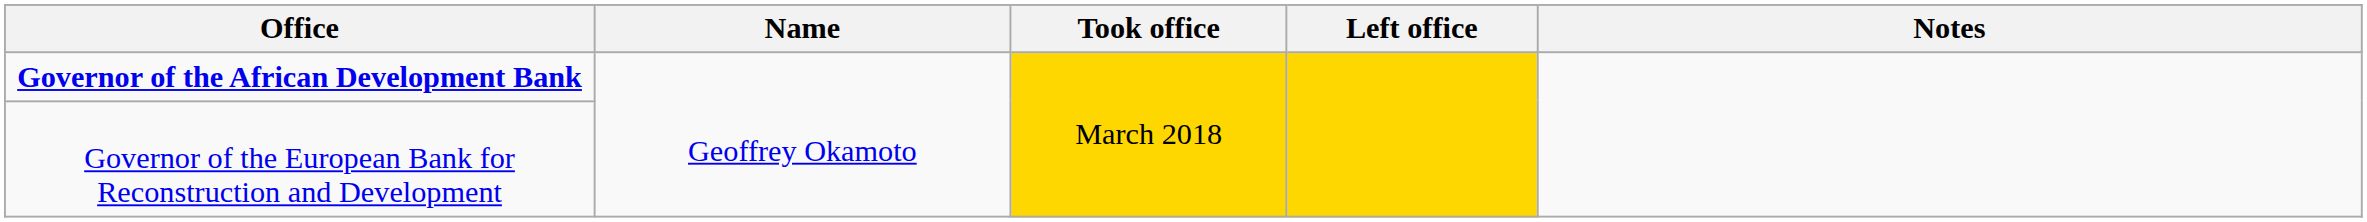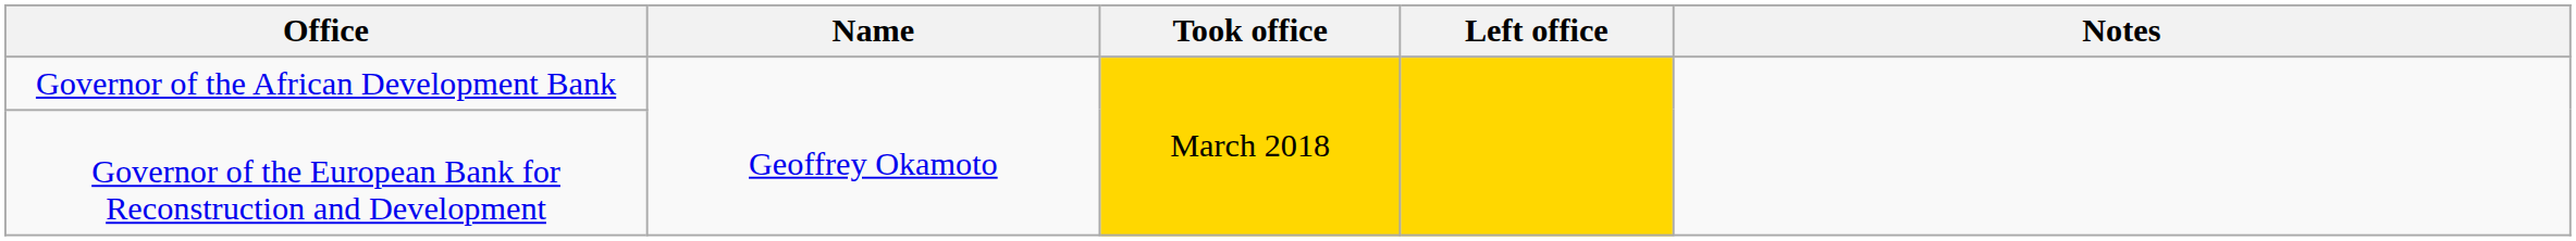 <table class="wikitable sortable" style="text-align:center">
 <tr>
 <th width="25%" data-sort-type="text">Office</th>
 <th data-sort-type="text">Name</th>
 <th data-sort-type="date">Took office</th>
 <th data-sort-type="date">Left office</th>
 <th width="35%">Notes</th>
 </tr>
 <tr>
-<td><strong><a href='#'>Governor of the African Development Bank</a></strong></td>
+<td><a href='#'>Governor of the African Development Bank</a></td>
 <td rowspan="2"><br><a href='#'>Geoffrey Okamoto</a></td>
 <td rowspan="2" style="background:gold">March 2018</td>
 <td rowspan="2" style="background:gold"></td>
 <td rowspan="2"></td>
 </tr>
 <tr>
 <td><br><a href='#'>Governor of the European Bank for Reconstruction and Development</a></td>
 </tr>
 </table>
